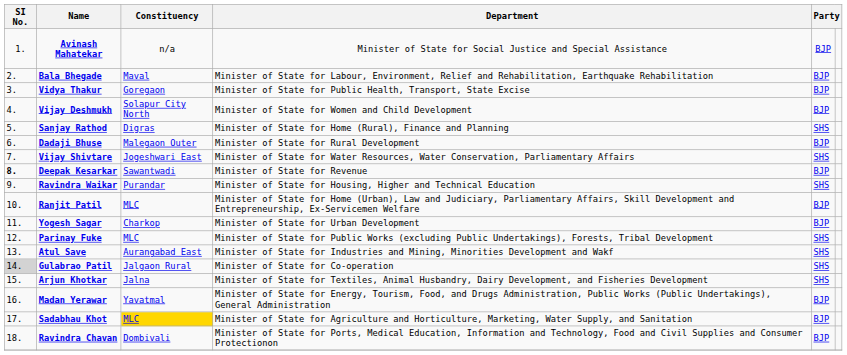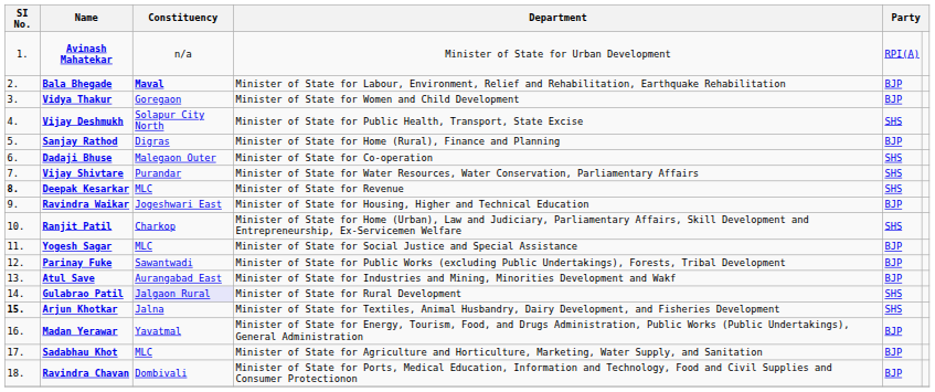 <table class="wikitable sortable">
 <tr>
 <th>SI No.</th>
 <th>Name</th>
 <th>Constituency</th>
 <th>Department</th>
 <th colspan="2" scope="col">Party</th>
 </tr>
 <tr style="text-align:center; height:60px;">
 <td>1.</td>
 <td><strong><a href='#'>Avinash Mahatekar</a></strong></td>
 <td>n/a</td>
-<td>Minister of State for Social Justice and Special Assistance</td>
-<td><a href='#'>BJP</a></td>
+<td>Minister of State for Urban Development</td>
+<td><a href='#'>RPI(A)</a></td>
 <td width="4px"></td>
 </tr>
 <tr>
 <td>2.</td>
 <td><strong><a href='#'>Bala Bhegade</a></strong></td>
-<td><a href='#'>Maval</a></td>
+<td><strong><a href='#'>Maval</a></strong></td>
 <td>Minister of State for Labour, Environment, Relief and Rehabilitation, Earthquake Rehabilitation</td>
 <td><a href='#'>BJP</a></td>
 <td width="4px"></td>
 </tr>
 <tr>
 <td>3.</td>
 <td><strong><a href='#'>Vidya Thakur</a></strong></td>
 <td><a href='#'>Goregaon</a></td>
-<td>Minister of State for Public Health, Transport, State Excise</td>
+<td>Minister of State for Women and Child Development</td>
 <td><a href='#'>BJP</a></td>
 <td width="4px"></td>
 </tr>
 <tr>
 <td>4.</td>
 <td><strong><a href='#'>Vijay Deshmukh</a></strong></td>
 <td><a href='#'>Solapur City North</a></td>
-<td>Minister of State for Women and Child Development</td>
-<td><a href='#'>BJP</a></td>
+<td>Minister of State for Public Health, Transport, State Excise</td>
+<td><a href='#'>SHS</a></td>
 <td width="4px"></td>
 </tr>
 <tr>
 <td>5.</td>
 <td><strong><a href='#'>Sanjay Rathod</a></strong></td>
 <td><a href='#'>Digras</a></td>
 <td>Minister of State for Home (Rural), Finance and Planning</td>
-<td><a href='#'>SHS</a></td>
+<td><a href='#'>BJP</a></td>
 <td width="4px"></td>
 </tr>
 <tr>
 <td>6.</td>
 <td><strong><a href='#'>Dadaji Bhuse</a></strong></td>
 <td><a href='#'>Malegaon Outer</a></td>
-<td>Minister of State for Rural Development</td>
-<td><a href='#'>BJP</a></td>
+<td>Minister of State for Co-operation</td>
+<td><a href='#'>SHS</a></td>
 <td width="4px"></td>
 </tr>
 <tr>
 <td>7.</td>
 <td><strong><a href='#'>Vijay Shivtare</a></strong></td>
-<td><a href='#'>Jogeshwari East</a></td>
+<td><a href='#'>Purandar</a></td>
 <td>Minister of State for Water Resources, Water Conservation, Parliamentary Affairs</td>
 <td><a href='#'>SHS</a></td>
 <td width="4px"></td>
 </tr>
 <tr>
 <td><strong>8.</strong></td>
 <td><strong><a href='#'>Deepak Kesarkar</a></strong></td>
-<td><a href='#'>Sawantwadi</a></td>
+<td><a href='#'>MLC</a></td>
 <td>Minister of State for Revenue</td>
-<td><a href='#'>BJP</a></td>
+<td><a href='#'>SHS</a></td>
 <td width="4px"></td>
 </tr>
 <tr>
 <td>9.</td>
 <td><strong><a href='#'>Ravindra Waikar</a></strong></td>
-<td><a href='#'>Purandar</a></td>
+<td><a href='#'>Jogeshwari East</a></td>
 <td>Minister of State for Housing, Higher and Technical Education</td>
-<td><a href='#'>SHS</a></td>
+<td><a href='#'>BJP</a></td>
 <td width="4px"></td>
 </tr>
 <tr>
 <td>10.</td>
 <td><strong><a href='#'>Ranjit Patil</a></strong></td>
-<td><a href='#'>MLC</a></td>
+<td><a href='#'>Charkop</a></td>
 <td>Minister of State for Home (Urban),  Law and Judiciary, Parliamentary Affairs, Skill Development and Entrepreneurship, Ex-Servicemen Welfare</td>
-<td><a href='#'>BJP</a></td>
+<td><a href='#'>SHS</a></td>
 <td width="4px"></td>
 </tr>
 <tr>
 <td>11.</td>
 <td><strong><a href='#'>Yogesh Sagar</a></strong></td>
-<td><a href='#'>Charkop</a></td>
-<td>Minister of State for Urban Development</td>
+<td><a href='#'>MLC</a></td>
+<td>Minister of State for Social Justice and Special Assistance</td>
 <td><a href='#'>BJP</a></td>
 <td width="4px"></td>
 </tr>
 <tr>
 <td>12.</td>
 <td><strong><a href='#'>Parinay Fuke</a></strong></td>
-<td><a href='#'>MLC</a></td>
+<td><a href='#'>Sawantwadi</a></td>
 <td>Minister of State for Public Works (excluding Public Undertakings), Forests, Tribal Development</td>
-<td><a href='#'>SHS</a></td>
+<td><a href='#'>BJP</a></td>
 <td width="4px"></td>
 </tr>
 <tr>
 <td>13.</td>
 <td><strong><a href='#'>Atul Save</a></strong></td>
 <td><a href='#'>Aurangabad East</a></td>
 <td>Minister of State for Industries and Mining, Minorities Development and Wakf</td>
+<td><a href='#'>BJP</a></td>
+<td width="4px"></td>
+</tr>
+<tr>
+<td>14.</td>
+<td><strong><a href='#'>Gulabrao Patil</a></strong></td>
+<td style="background: lavender;"><a href='#'>Jalgaon Rural</a></td>
+<td>Minister of State for Rural Development</td>
 <td><a href='#'>SHS</a></td>
 <td width="4px"></td>
 </tr>
 <tr>
-<td style="background: lightgrey;">14.</td>
-<td><strong><a href='#'>Gulabrao Patil</a></strong></td>
-<td><a href='#'>Jalgaon Rural</a></td>
-<td>Minister of State for Co-operation</td>
-<td><a href='#'>SHS</a></td>
-<td width="4px"></td>
-</tr>
-<tr>
-<td>15.</td>
+<td><strong>15.</strong></td>
 <td><strong><a href='#'>Arjun Khotkar</a></strong></td>
 <td><a href='#'>Jalna</a></td>
 <td>Minister of State for Textiles, Animal Husbandry, Dairy Development, and Fisheries Development</td>
 <td><a href='#'>SHS</a></td>
 <td width="4px"></td>
 </tr>
 <tr>
 <td>16.</td>
 <td><strong><a href='#'>Madan Yerawar</a></strong></td>
 <td><a href='#'>Yavatmal</a></td>
 <td>Minister of State for Energy, Tourism, Food, and Drugs Administration, Public Works (Public Undertakings), General Administration</td>
 <td><a href='#'>BJP</a></td>
 <td width="4px"></td>
 </tr>
 <tr>
 <td>17.</td>
 <td><strong><a href='#'>Sadabhau Khot</a></strong></td>
-<td style="background: gold;"><a href='#'>MLC</a></td>
+<td><a href='#'>MLC</a></td>
 <td>Minister of State for Agriculture and Horticulture, Marketing, Water Supply, and Sanitation</td>
 <td><a href='#'>BJP</a></td>
 <td width="4px"></td>
 </tr>
 <tr>
 <td>18.</td>
 <td><strong><a href='#'>Ravindra Chavan</a></strong></td>
 <td><a href='#'>Dombivali</a></td>
 <td>Minister of State for Ports, Medical Education, Information and Technology, Food and Civil Supplies and Consumer Protectionon</td>
 <td><a href='#'>BJP</a></td>
 <td width="4px"></td>
 </tr>
 <tr>
 </tr>
 </table>
